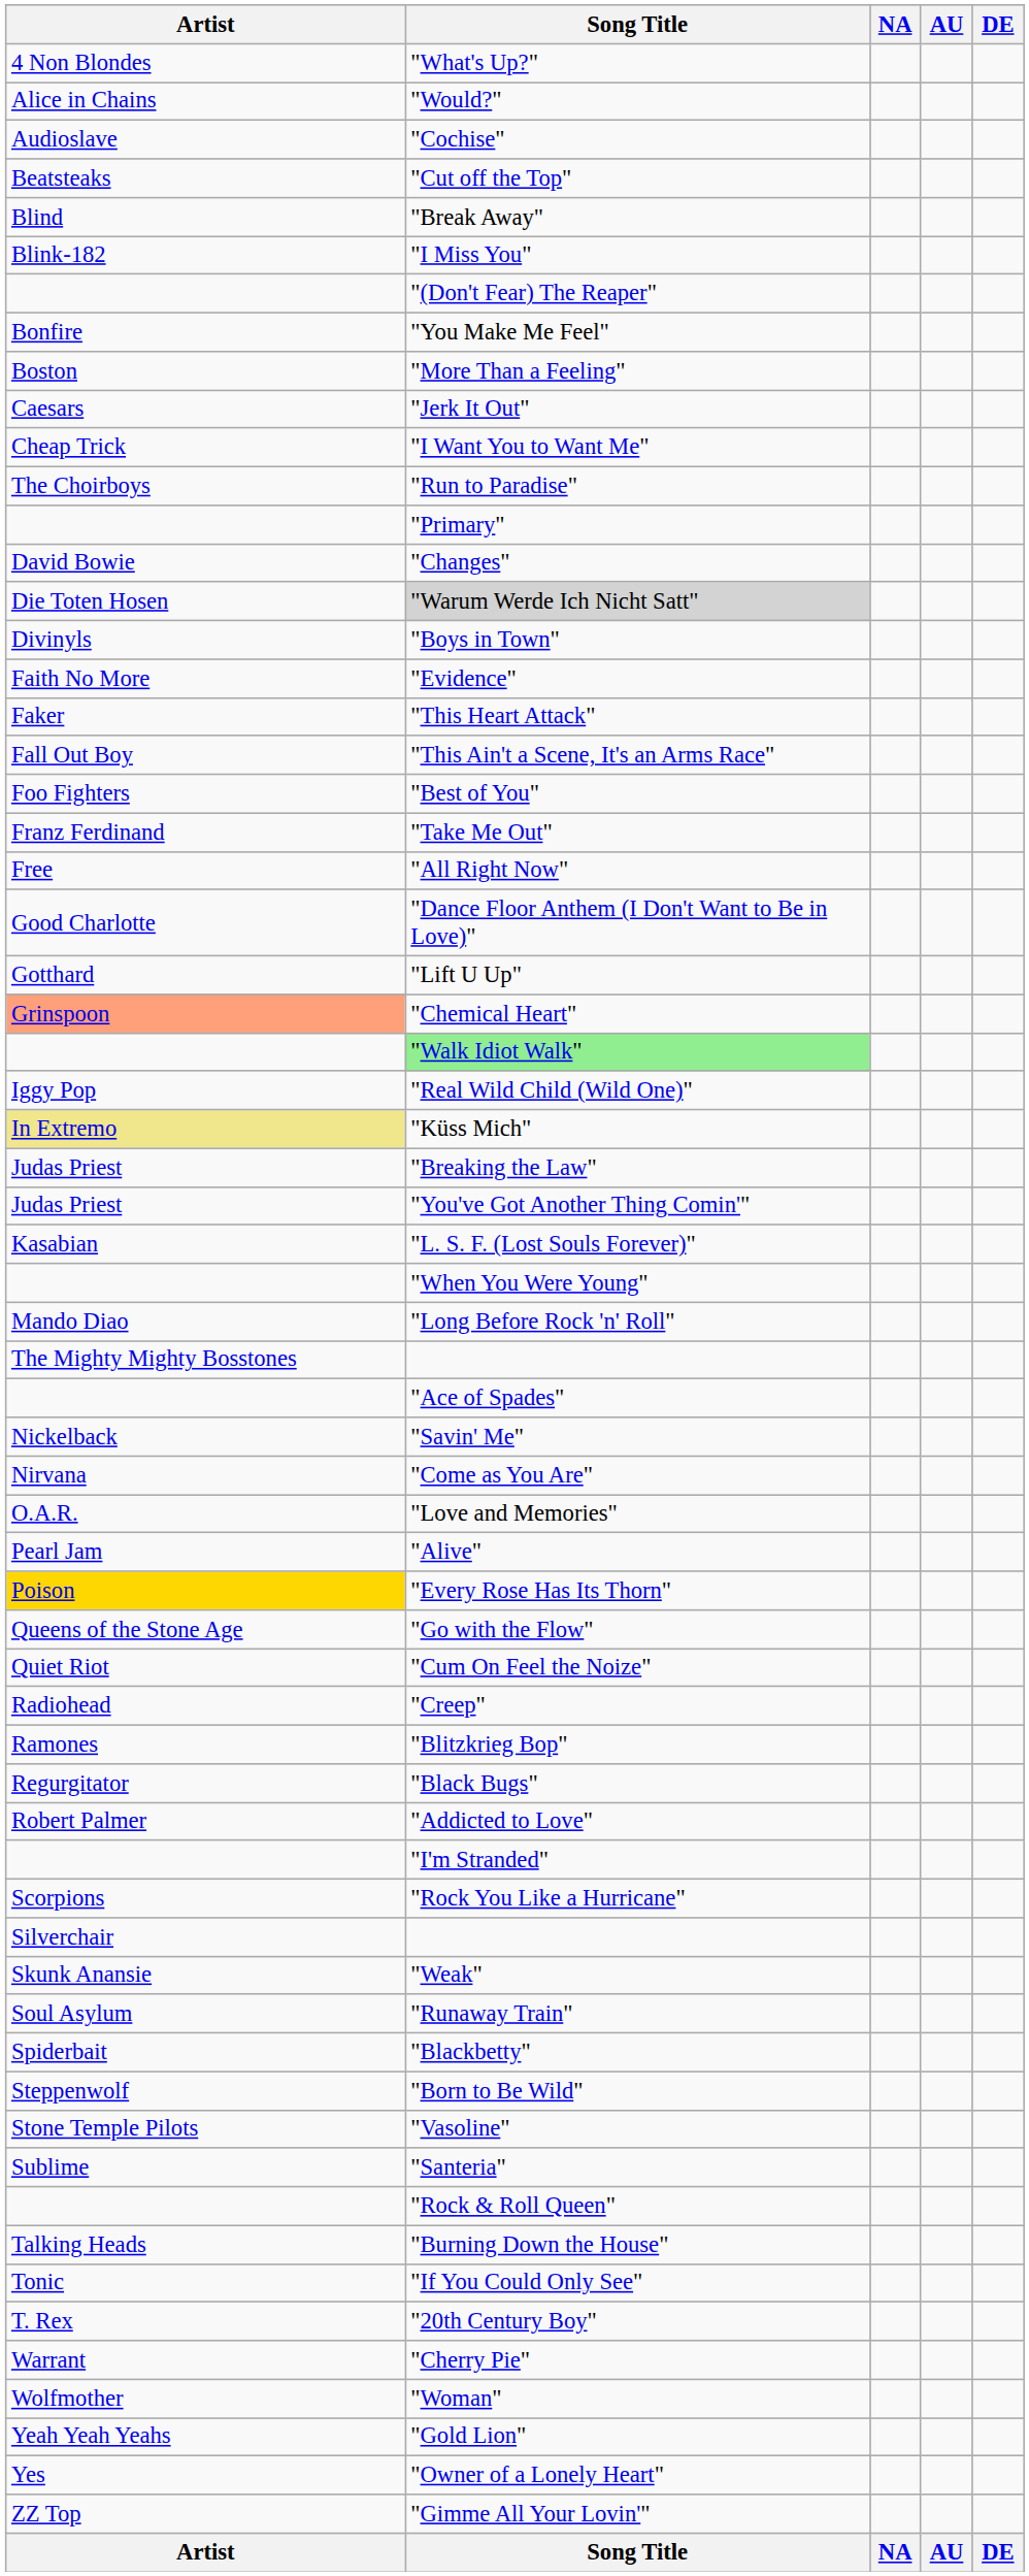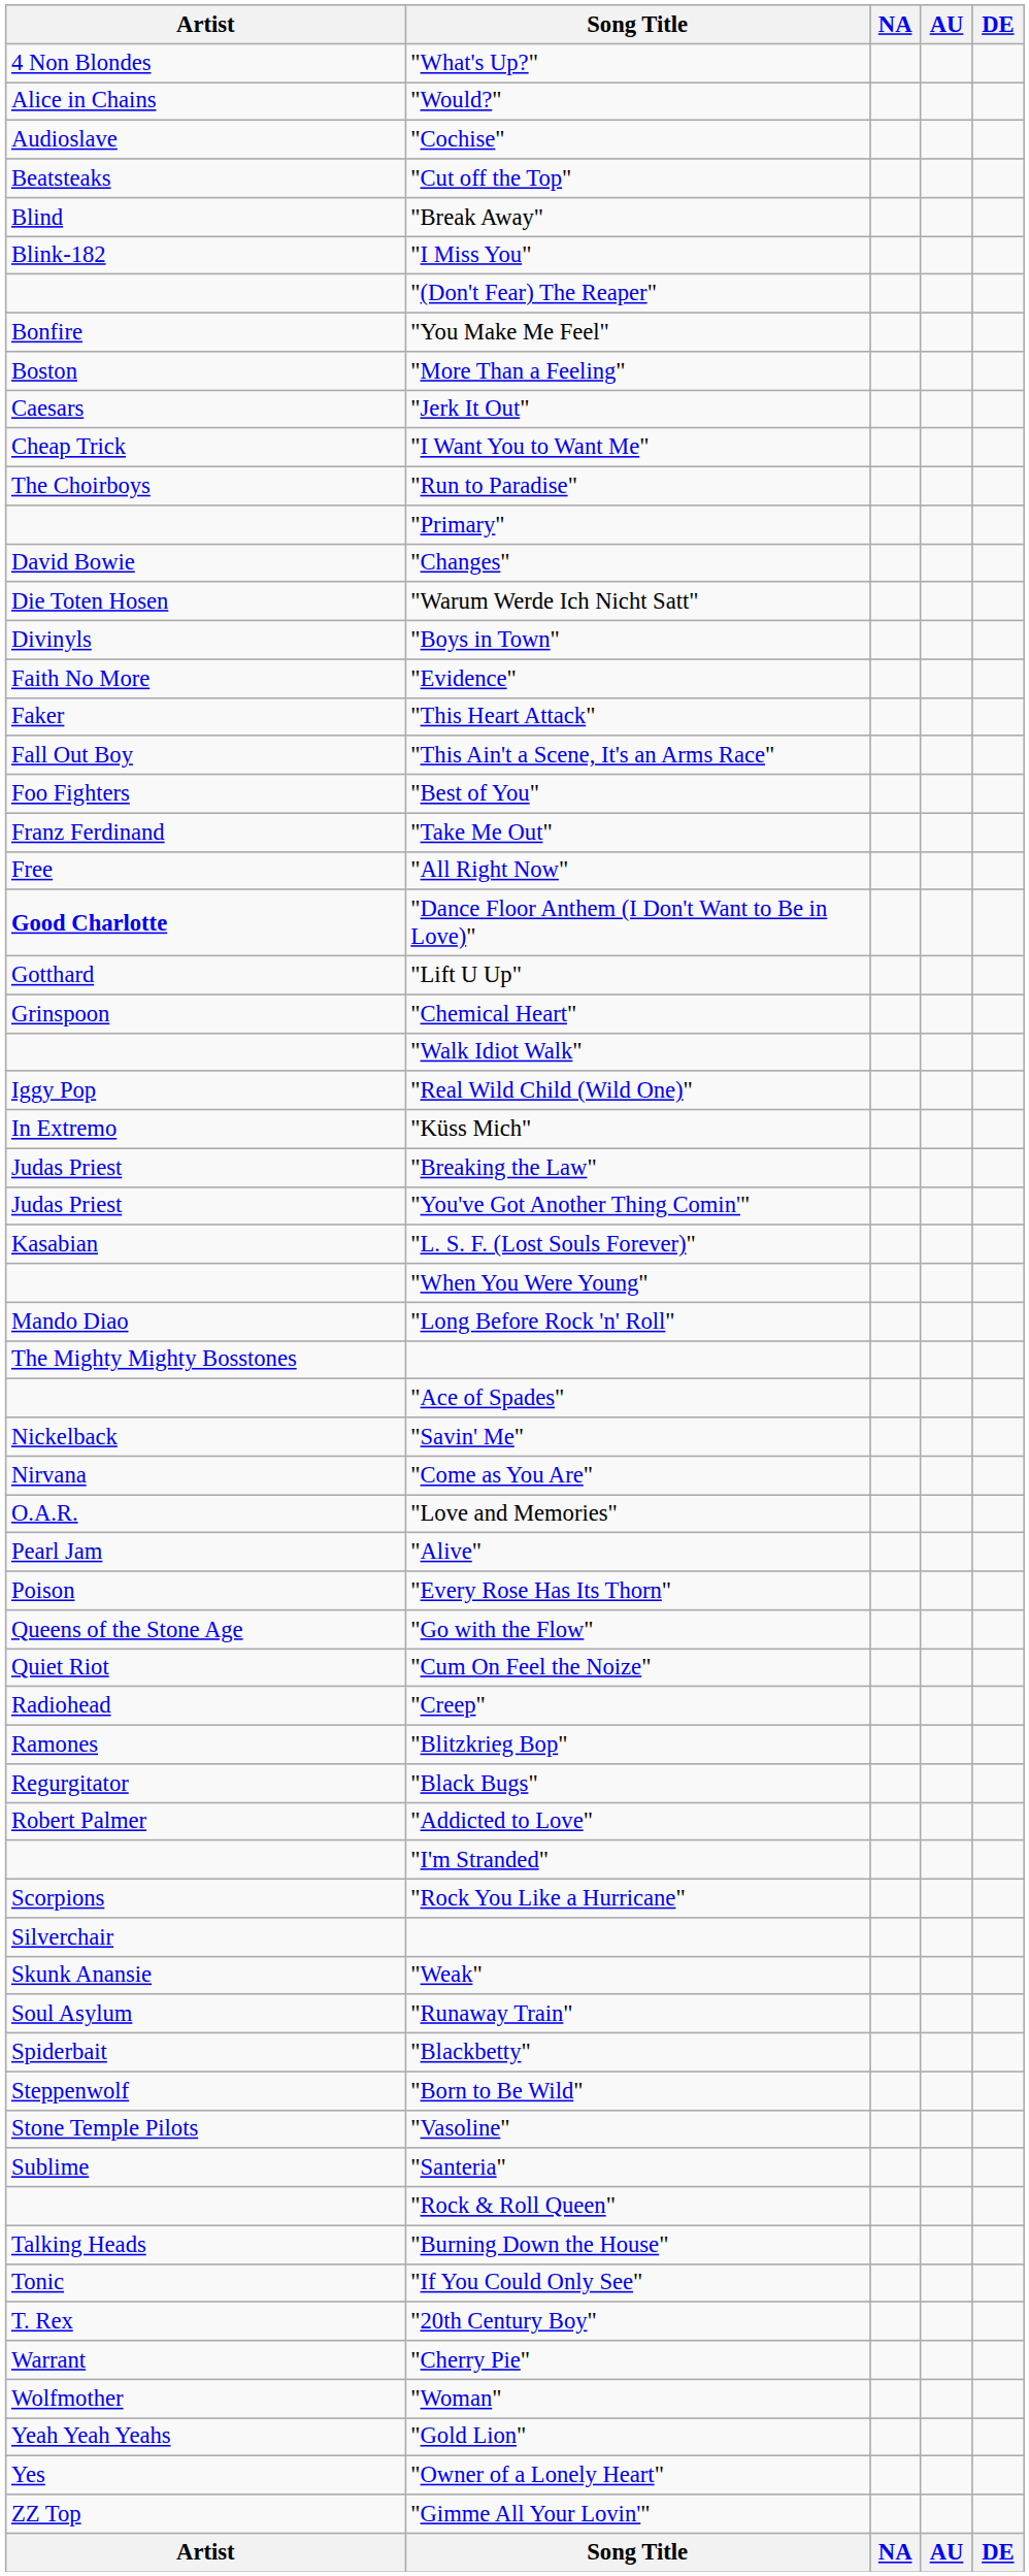 <table class="wikitable sortable" style="font-size:90%; text-align:left; margin: 5px;">
 <tr>
 <th style="width:240px;">Artist</th>
 <th style="width:280px;">Song Title</th>
 <th width=25px><a href='#'>NA</a></th>
 <th width=25px><a href='#'>AU</a></th>
 <th width=25px><a href='#'>DE</a></th>
 </tr>
 <tr>
 <td><a href='#'>4 Non Blondes</a></td>
 <td>"<a href='#'>What's Up?</a>"</td>
 <td></td>
 <td></td>
 <td></td>
 </tr>
 <tr>
 <td><a href='#'>Alice in Chains</a></td>
 <td>"<a href='#'>Would?</a>"</td>
 <td></td>
 <td></td>
 <td></td>
 </tr>
 <tr>
 <td><a href='#'>Audioslave</a></td>
 <td>"<a href='#'>Cochise</a>"</td>
 <td></td>
 <td></td>
 <td></td>
 </tr>
 <tr>
 <td><a href='#'>Beatsteaks</a></td>
 <td>"<a href='#'>Cut off the Top</a>"</td>
 <td></td>
 <td></td>
 <td></td>
 </tr>
 <tr>
 <td><a href='#'>Blind</a></td>
 <td>"Break Away"</td>
 <td></td>
 <td></td>
 <td></td>
 </tr>
 <tr>
 <td><a href='#'>Blink-182</a></td>
 <td>"<a href='#'>I Miss You</a>"</td>
 <td></td>
 <td></td>
 <td></td>
 </tr>
 <tr>
 <td></td>
 <td>"<a href='#'>(Don't Fear) The Reaper</a>"</td>
 <td></td>
 <td></td>
 <td></td>
 </tr>
 <tr>
 <td><a href='#'>Bonfire</a></td>
 <td>"You Make Me Feel"</td>
 <td></td>
 <td></td>
 <td></td>
 </tr>
 <tr>
 <td><a href='#'>Boston</a></td>
 <td>"<a href='#'>More Than a Feeling</a>"</td>
 <td></td>
 <td></td>
 <td></td>
 </tr>
 <tr>
 <td><a href='#'>Caesars</a></td>
 <td>"<a href='#'>Jerk It Out</a>"</td>
 <td></td>
 <td></td>
 <td></td>
 </tr>
 <tr>
 <td><a href='#'>Cheap Trick</a></td>
 <td>"<a href='#'>I Want You to Want Me</a>"</td>
 <td></td>
 <td></td>
 <td></td>
 </tr>
 <tr>
 <td><a href='#'>The Choirboys</a></td>
 <td>"<a href='#'>Run to Paradise</a>"</td>
 <td></td>
 <td></td>
 <td></td>
 </tr>
 <tr>
 <td></td>
 <td>"<a href='#'>Primary</a>"</td>
 <td></td>
 <td></td>
 <td></td>
 </tr>
 <tr>
 <td><a href='#'>David Bowie</a></td>
 <td>"<a href='#'>Changes</a>"</td>
 <td></td>
 <td></td>
 <td></td>
 </tr>
 <tr>
 <td><a href='#'>Die Toten Hosen</a></td>
-<td style="background: lightgrey;">"Warum Werde Ich Nicht Satt"</td>
+<td>"Warum Werde Ich Nicht Satt"</td>
 <td></td>
 <td></td>
 <td></td>
 </tr>
 <tr>
 <td><a href='#'>Divinyls</a></td>
 <td>"<a href='#'>Boys in Town</a>"</td>
 <td></td>
 <td></td>
 <td></td>
 </tr>
 <tr>
 <td><a href='#'>Faith No More</a></td>
 <td>"<a href='#'>Evidence</a>"</td>
 <td></td>
 <td></td>
 <td></td>
 </tr>
 <tr>
 <td><a href='#'>Faker</a></td>
 <td>"<a href='#'>This Heart Attack</a>"</td>
 <td></td>
 <td></td>
 <td></td>
 </tr>
 <tr>
 <td><a href='#'>Fall Out Boy</a></td>
 <td>"<a href='#'>This Ain't a Scene, It's an Arms Race</a>"</td>
 <td></td>
 <td></td>
 <td></td>
 </tr>
 <tr>
 <td><a href='#'>Foo Fighters</a></td>
 <td>"<a href='#'>Best of You</a>"</td>
 <td></td>
 <td></td>
 <td></td>
 </tr>
 <tr>
 <td><a href='#'>Franz Ferdinand</a></td>
 <td>"<a href='#'>Take Me Out</a>"</td>
 <td></td>
 <td></td>
 <td></td>
 </tr>
 <tr>
 <td><a href='#'>Free</a></td>
 <td>"<a href='#'>All Right Now</a>"</td>
 <td></td>
 <td></td>
 <td></td>
 </tr>
 <tr>
-<td><a href='#'>Good Charlotte</a></td>
+<td><strong><a href='#'>Good Charlotte</a></strong></td>
 <td>"<a href='#'>Dance Floor Anthem (I Don't Want to Be in Love)</a>"</td>
 <td></td>
 <td></td>
 <td></td>
 </tr>
 <tr>
 <td><a href='#'>Gotthard</a></td>
 <td>"Lift U Up"</td>
 <td></td>
 <td></td>
 <td></td>
 </tr>
 <tr>
-<td style="background: lightsalmon;"><a href='#'>Grinspoon</a></td>
+<td><a href='#'>Grinspoon</a></td>
 <td>"<a href='#'>Chemical Heart</a>"</td>
 <td></td>
 <td></td>
 <td></td>
 </tr>
 <tr>
 <td></td>
-<td style="background: lightgreen;">"<a href='#'>Walk Idiot Walk</a>"</td>
+<td>"<a href='#'>Walk Idiot Walk</a>"</td>
 <td></td>
 <td></td>
 <td></td>
 </tr>
 <tr>
 <td><a href='#'>Iggy Pop</a></td>
 <td>"<a href='#'>Real Wild Child (Wild One)</a>"</td>
 <td></td>
 <td></td>
 <td></td>
 </tr>
 <tr>
-<td style="background: khaki;"><a href='#'>In Extremo</a></td>
+<td><a href='#'>In Extremo</a></td>
 <td>"Küss Mich"</td>
 <td></td>
 <td></td>
 <td></td>
 </tr>
 <tr>
 <td><a href='#'>Judas Priest</a></td>
 <td>"<a href='#'>Breaking the Law</a>"</td>
 <td></td>
 <td></td>
 <td></td>
 </tr>
 <tr>
 <td><a href='#'>Judas Priest</a></td>
 <td>"<a href='#'>You've Got Another Thing Comin'</a>"</td>
 <td></td>
 <td></td>
 <td></td>
 </tr>
 <tr>
 <td><a href='#'>Kasabian</a></td>
 <td>"<a href='#'>L. S. F. (Lost Souls Forever)</a>"</td>
 <td></td>
 <td></td>
 <td></td>
 </tr>
 <tr>
 <td></td>
 <td>"<a href='#'>When You Were Young</a>"</td>
 <td></td>
 <td></td>
 <td></td>
 </tr>
 <tr>
 <td><a href='#'>Mando Diao</a></td>
 <td>"<a href='#'>Long Before Rock 'n' Roll</a>"</td>
 <td></td>
 <td></td>
 <td></td>
 </tr>
 <tr>
 <td><a href='#'>The Mighty Mighty Bosstones</a></td>
 <td></td>
 <td></td>
 <td></td>
 <td></td>
 </tr>
 <tr>
 <td></td>
 <td>"<a href='#'>Ace of Spades</a>"</td>
 <td></td>
 <td></td>
 <td></td>
 </tr>
 <tr>
 <td><a href='#'>Nickelback</a></td>
 <td>"<a href='#'>Savin' Me</a>"</td>
 <td></td>
 <td></td>
 <td></td>
 </tr>
 <tr>
 <td><a href='#'>Nirvana</a></td>
 <td>"<a href='#'>Come as You Are</a>"</td>
 <td></td>
 <td></td>
 <td></td>
 </tr>
 <tr>
 <td><a href='#'>O.A.R.</a></td>
 <td>"Love and Memories"</td>
 <td></td>
 <td></td>
 <td></td>
 </tr>
 <tr>
 <td><a href='#'>Pearl Jam</a></td>
 <td>"<a href='#'>Alive</a>"</td>
 <td></td>
 <td></td>
 <td></td>
 </tr>
 <tr>
-<td style="background: gold;"><a href='#'>Poison</a></td>
+<td><a href='#'>Poison</a></td>
 <td>"<a href='#'>Every Rose Has Its Thorn</a>"</td>
 <td></td>
 <td></td>
 <td></td>
 </tr>
 <tr>
 <td><a href='#'>Queens of the Stone Age</a></td>
 <td>"<a href='#'>Go with the Flow</a>"</td>
 <td></td>
 <td></td>
 <td></td>
 </tr>
 <tr>
 <td><a href='#'>Quiet Riot</a></td>
 <td>"<a href='#'>Cum On Feel the Noize</a>"</td>
 <td></td>
 <td></td>
 <td></td>
 </tr>
 <tr>
 <td><a href='#'>Radiohead</a></td>
 <td>"<a href='#'>Creep</a>"</td>
 <td></td>
 <td></td>
 <td></td>
 </tr>
 <tr>
 <td><a href='#'>Ramones</a></td>
 <td>"<a href='#'>Blitzkrieg Bop</a>"</td>
 <td></td>
 <td></td>
 <td></td>
 </tr>
 <tr>
 <td><a href='#'>Regurgitator</a></td>
 <td>"<a href='#'>Black Bugs</a>"</td>
 <td></td>
 <td></td>
 <td></td>
 </tr>
 <tr>
 <td><a href='#'>Robert Palmer</a></td>
 <td>"<a href='#'>Addicted to Love</a>"</td>
 <td></td>
 <td></td>
 <td></td>
 </tr>
 <tr>
 <td></td>
 <td>"<a href='#'>I'm Stranded</a>"</td>
 <td></td>
 <td></td>
 <td></td>
 </tr>
 <tr>
 <td><a href='#'>Scorpions</a></td>
 <td>"<a href='#'>Rock You Like a Hurricane</a>"</td>
 <td></td>
 <td></td>
 <td></td>
 </tr>
 <tr>
 <td><a href='#'>Silverchair</a></td>
 <td></td>
 <td></td>
 <td></td>
 <td></td>
 </tr>
 <tr>
 <td><a href='#'>Skunk Anansie</a></td>
 <td>"<a href='#'>Weak</a>"</td>
 <td></td>
 <td></td>
 <td></td>
 </tr>
 <tr>
 <td><a href='#'>Soul Asylum</a></td>
 <td>"<a href='#'>Runaway Train</a>"</td>
 <td></td>
 <td></td>
 <td></td>
 </tr>
 <tr>
 <td><a href='#'>Spiderbait</a></td>
 <td>"<a href='#'>Blackbetty</a>"</td>
 <td></td>
 <td></td>
 <td></td>
 </tr>
 <tr>
 <td><a href='#'>Steppenwolf</a></td>
 <td>"<a href='#'>Born to Be Wild</a>"</td>
 <td></td>
 <td></td>
 <td></td>
 </tr>
 <tr>
 <td><a href='#'>Stone Temple Pilots</a></td>
 <td>"<a href='#'>Vasoline</a>"</td>
 <td></td>
 <td></td>
 <td></td>
 </tr>
 <tr>
 <td><a href='#'>Sublime</a></td>
 <td>"<a href='#'>Santeria</a>"</td>
 <td></td>
 <td></td>
 <td></td>
 </tr>
 <tr>
 <td></td>
 <td>"<a href='#'>Rock & Roll Queen</a>"</td>
 <td></td>
 <td></td>
 <td></td>
 </tr>
 <tr>
 <td><a href='#'>Talking Heads</a></td>
 <td>"<a href='#'>Burning Down the House</a>"</td>
 <td></td>
 <td></td>
 <td></td>
 </tr>
 <tr>
 <td><a href='#'>Tonic</a></td>
 <td>"<a href='#'>If You Could Only See</a>"</td>
 <td></td>
 <td></td>
 <td></td>
 </tr>
 <tr>
 <td><a href='#'>T. Rex</a></td>
 <td>"<a href='#'>20th Century Boy</a>"</td>
 <td></td>
 <td></td>
 <td></td>
 </tr>
 <tr>
 <td><a href='#'>Warrant</a></td>
 <td>"<a href='#'>Cherry Pie</a>"</td>
 <td></td>
 <td></td>
 <td></td>
 </tr>
 <tr>
 <td><a href='#'>Wolfmother</a></td>
 <td>"<a href='#'>Woman</a>"</td>
 <td></td>
 <td></td>
 <td></td>
 </tr>
 <tr>
 <td><a href='#'>Yeah Yeah Yeahs</a></td>
 <td>"<a href='#'>Gold Lion</a>"</td>
 <td></td>
 <td></td>
 <td></td>
 </tr>
 <tr>
 <td><a href='#'>Yes</a></td>
 <td>"<a href='#'>Owner of a Lonely Heart</a>"</td>
 <td></td>
 <td></td>
 <td></td>
 </tr>
 <tr>
 <td><a href='#'>ZZ Top</a></td>
 <td>"<a href='#'>Gimme All Your Lovin'</a>"</td>
 <td></td>
 <td></td>
 <td></td>
 </tr>
 <tr class="sortbottom">
 <th>Artist</th>
 <th>Song Title</th>
 <th width=25px><a href='#'>NA</a></th>
 <th width=25px><a href='#'>AU</a></th>
 <th width=25px><a href='#'>DE</a></th>
 </tr>
 </table>
